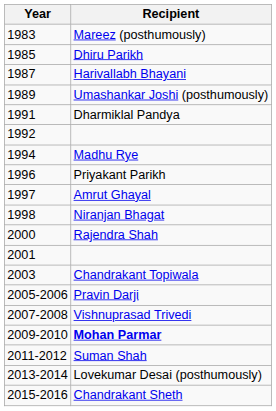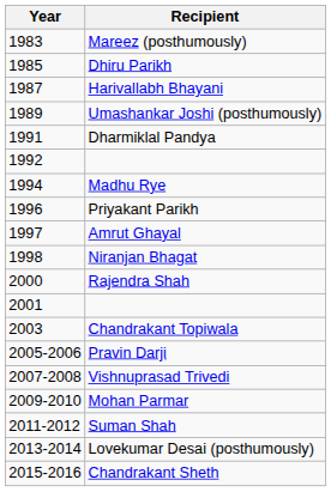 <table class="wikitable">
 <tr>
 <th>Year</th>
 <th>Recipient</th>
 </tr>
 <tr>
 <td>1983</td>
 <td><a href='#'>Mareez</a> (posthumously)</td>
 </tr>
 <tr>
 <td>1985</td>
 <td><a href='#'>Dhiru Parikh</a></td>
 </tr>
 <tr>
 <td>1987</td>
 <td><a href='#'>Harivallabh Bhayani</a></td>
 </tr>
 <tr>
 <td>1989</td>
 <td><a href='#'>Umashankar Joshi</a> (posthumously)</td>
 </tr>
 <tr>
 <td>1991</td>
 <td>Dharmiklal Pandya</td>
 </tr>
 <tr>
 <td>1992</td>
 <td></td>
 </tr>
 <tr>
 <td>1994</td>
 <td><a href='#'>Madhu Rye</a></td>
 </tr>
 <tr>
 <td>1996</td>
 <td>Priyakant Parikh</td>
 </tr>
 <tr>
 <td>1997</td>
 <td><a href='#'>Amrut Ghayal</a></td>
 </tr>
 <tr>
 <td>1998</td>
 <td><a href='#'>Niranjan Bhagat</a></td>
 </tr>
 <tr>
 <td>2000</td>
 <td><a href='#'>Rajendra Shah</a></td>
 </tr>
 <tr>
 <td>2001</td>
 <td></td>
 </tr>
 <tr>
 <td>2003</td>
 <td><a href='#'>Chandrakant Topiwala</a></td>
 </tr>
 <tr>
 <td>2005-2006</td>
 <td><a href='#'>Pravin Darji</a></td>
 </tr>
 <tr>
 <td>2007-2008</td>
 <td><a href='#'>Vishnuprasad Trivedi</a></td>
 </tr>
 <tr>
 <td>2009-2010</td>
-<td><strong><a href='#'>Mohan Parmar</a></strong></td>
+<td><a href='#'>Mohan Parmar</a></td>
 </tr>
 <tr>
 <td>2011-2012</td>
 <td><a href='#'>Suman Shah</a></td>
 </tr>
 <tr>
 <td>2013-2014</td>
 <td>Lovekumar Desai (posthumously)</td>
 </tr>
 <tr>
 <td>2015-2016</td>
 <td><a href='#'>Chandrakant Sheth</a></td>
 </tr>
 </table>
